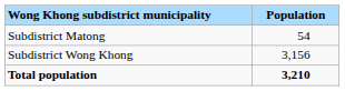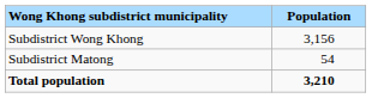 <table class="wikitable" style="width:48%; display:inline-table;">
 <tr>
 <th scope="col" style= "width:74%; background: #aadcff; text-align:left;"><strong>Wong Khong subdistrict municipality</strong></th>
 <th scope="col" style= "width:26%; background: #aadcff; text-align:center;"><strong>Population</strong></th>
 </tr>
 <tr>
+<td>Subdistrict Wong Khong</td>
+<td style="text-align:center;">3,156</td>
+</tr>
+<tr>
 <td>Subdistrict Matong</td>
 <td style="text-align:center;">     54</td>
-</tr>
-<tr>
-<td>Subdistrict Wong Khong</td>
-<td style="text-align:center;">3,156</td>
 </tr>
 <tr>
 <td><strong>Total population</strong></td>
 <td style="text-align:center;"><strong>3,210</strong></td>
 </tr>
 </table>
